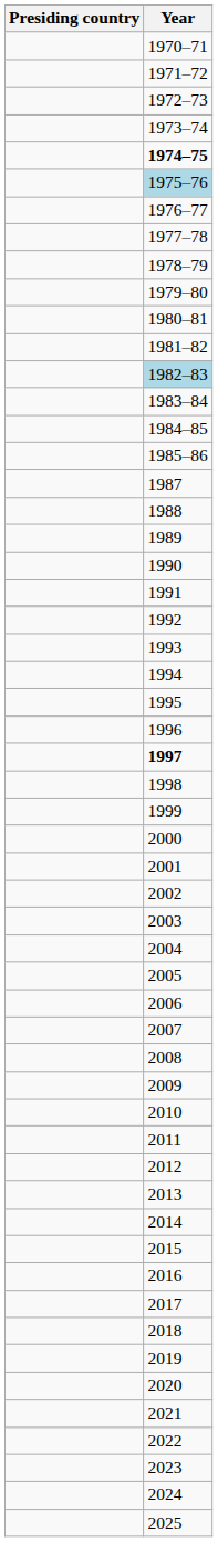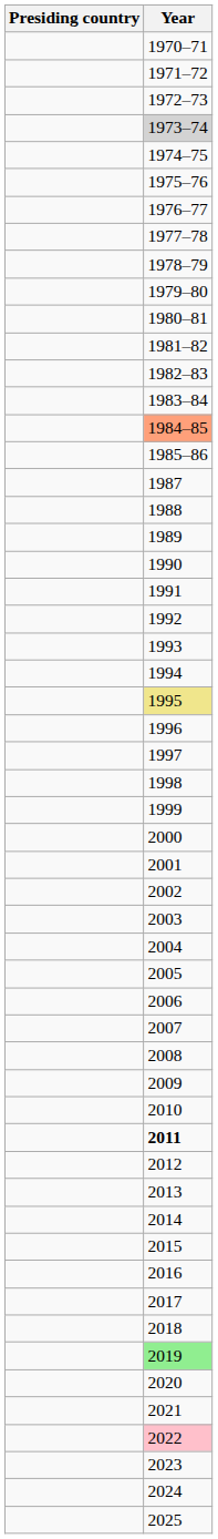 <table class="wikitable sortable">
 <tr>
 <th>Presiding country</th>
 <th>Year</th>
 </tr>
 <tr>
 <td></td>
 <td>1970–71</td>
 </tr>
 <tr>
 <td></td>
 <td>1971–72</td>
 </tr>
 <tr>
 <td></td>
 <td>1972–73</td>
 </tr>
 <tr>
 <td></td>
-<td>1973–74</td>
+<td style="background: lightgrey;">1973–74</td>
 </tr>
 <tr>
 <td></td>
-<td><strong>1974–75</strong></td>
+<td>1974–75</td>
 </tr>
 <tr>
 <td></td>
-<td style="background: lightblue;">1975–76</td>
+<td>1975–76</td>
 </tr>
 <tr>
 <td></td>
 <td>1976–77</td>
 </tr>
 <tr>
 <td></td>
 <td>1977–78</td>
 </tr>
 <tr>
 <td></td>
 <td>1978–79</td>
 </tr>
 <tr>
 <td></td>
 <td>1979–80</td>
 </tr>
 <tr>
 <td></td>
 <td>1980–81</td>
 </tr>
 <tr>
 <td></td>
 <td>1981–82</td>
 </tr>
 <tr>
 <td></td>
-<td style="background: lightblue;">1982–83</td>
+<td>1982–83</td>
 </tr>
 <tr>
 <td></td>
 <td>1983–84</td>
 </tr>
 <tr>
 <td></td>
-<td>1984–85</td>
+<td style="background: lightsalmon;">1984–85</td>
 </tr>
 <tr>
 <td></td>
 <td>1985–86</td>
 </tr>
 <tr>
 <td></td>
 <td>1987</td>
 </tr>
 <tr>
 <td></td>
 <td>1988</td>
 </tr>
 <tr>
 <td></td>
 <td>1989</td>
 </tr>
 <tr>
 <td></td>
 <td>1990</td>
 </tr>
 <tr>
 <td></td>
 <td>1991</td>
 </tr>
 <tr>
 <td></td>
 <td>1992</td>
 </tr>
 <tr>
 <td></td>
 <td>1993</td>
 </tr>
 <tr>
 <td></td>
 <td>1994</td>
 </tr>
 <tr>
 <td></td>
-<td>1995</td>
+<td style="background: khaki;">1995</td>
 </tr>
 <tr>
 <td></td>
 <td>1996</td>
 </tr>
 <tr>
 <td></td>
-<td><strong>1997</strong></td>
+<td>1997</td>
 </tr>
 <tr>
 <td></td>
 <td>1998</td>
 </tr>
 <tr>
 <td></td>
 <td>1999</td>
 </tr>
 <tr>
 <td></td>
 <td>2000</td>
 </tr>
 <tr>
 <td></td>
 <td>2001</td>
 </tr>
 <tr>
 <td></td>
 <td>2002</td>
 </tr>
 <tr>
 <td></td>
 <td>2003</td>
 </tr>
 <tr>
 <td></td>
 <td>2004</td>
 </tr>
 <tr>
 <td></td>
 <td>2005</td>
 </tr>
 <tr>
 <td></td>
 <td>2006</td>
 </tr>
 <tr>
 <td></td>
 <td>2007</td>
 </tr>
 <tr>
 <td></td>
 <td>2008</td>
 </tr>
 <tr>
 <td></td>
 <td>2009</td>
 </tr>
 <tr>
 <td></td>
 <td>2010</td>
 </tr>
 <tr>
 <td></td>
-<td>2011</td>
+<td><strong>2011</strong></td>
 </tr>
 <tr>
 <td></td>
 <td>2012</td>
 </tr>
 <tr>
 <td></td>
 <td>2013</td>
 </tr>
 <tr>
 <td></td>
 <td>2014</td>
 </tr>
 <tr>
 <td></td>
 <td>2015</td>
 </tr>
 <tr>
 <td></td>
 <td>2016</td>
 </tr>
 <tr>
 <td></td>
 <td>2017</td>
 </tr>
 <tr>
 <td></td>
 <td>2018</td>
 </tr>
 <tr>
 <td></td>
-<td>2019</td>
+<td style="background: lightgreen;">2019</td>
 </tr>
 <tr>
 <td></td>
 <td>2020</td>
 </tr>
 <tr>
 <td></td>
 <td>2021</td>
 </tr>
 <tr>
 <td></td>
-<td>2022</td>
+<td style="background: pink;">2022</td>
 </tr>
 <tr>
 <td></td>
 <td>2023</td>
 </tr>
 <tr>
 <td></td>
 <td>2024</td>
 </tr>
 <tr>
 <td></td>
 <td>2025</td>
 </tr>
 </table>
